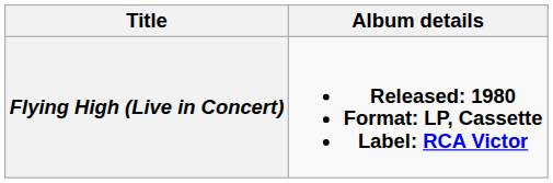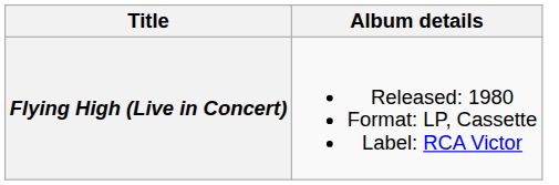 <table class="wikitable plainrowheaders" style="text-align:center;" border="1">
 <tr>
 <th>Title</th>
 <th>Album details</th>
 </tr>
 <tr>
 <th scope="row"><em>Flying High (Live in Concert)</em></th>
-<td><strong><br><ul><li>Released: 1980</li><li>Format: LP, Cassette</li><li>Label: <a href='#'>RCA Victor</a> </li></ul></strong></td>
+<td><br><ul><li>Released: 1980</li><li>Format: LP, Cassette</li><li>Label: <a href='#'>RCA Victor</a> </li></ul></td>
 </tr>
 </table>
